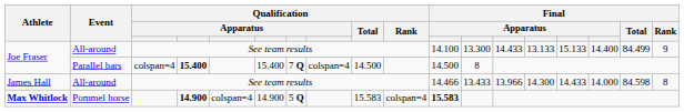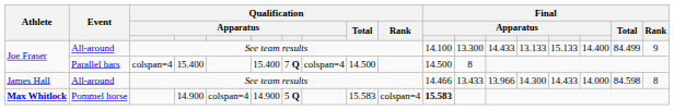 <table class=wikitable style=font-size:90%;text-align:center>
 <tr>
 <th rowspan=3>Athlete</th>
 <th rowspan=3>Event</th>
 <th colspan =8>Qualification</th>
 <th colspan =8>Final</th>
 </tr>
 <tr style=font-size:95%>
 <th colspan=6>Apparatus</th>
 <th rowspan=2>Total</th>
 <th rowspan=2>Rank</th>
 <th colspan=6>Apparatus</th>
 <th rowspan=2>Total</th>
 <th rowspan=2>Rank</th>
 </tr>
 <tr style=font-size:95%>
 <th></th>
 <th></th>
 <th></th>
 <th></th>
 <th></th>
 <th></th>
 <th></th>
 <th></th>
 <th></th>
 <th></th>
 <th></th>
 <th></th>
 </tr>
 <tr>
 <td align=left rowspan=2><a href='#'>Joe Fraser</a></td>
 <td align=left><a href='#'>All-around</a></td>
 <td colspan=8><em>See team results</em></td>
 <td>14.100</td>
 <td>13.300</td>
 <td>14.433</td>
 <td>13.133</td>
 <td>15.133</td>
 <td>14.400</td>
 <td>84.499</td>
 <td>9</td>
 </tr>
 <tr>
 <td align=left><a href='#'>Parallel bars</a></td>
 <td>colspan=4 </td>
-<td><strong>15.400</strong></td>
+<td>15.400</td>
 <td></td>
 <td>15.400</td>
 <td>7 <strong>Q</strong></td>
 <td>colspan=4 </td>
 <td>14.500</td>
 <td></td>
 <td>14.500</td>
 <td>8</td>
 </tr>
 <tr>
 <td align=left><a href='#'>James Hall</a></td>
 <td align=left><a href='#'>All-around</a></td>
 <td colspan=8><em>See team results</em></td>
 <td>14.466</td>
 <td>13.433</td>
 <td>13.966</td>
 <td>14.300</td>
 <td>14.433</td>
 <td>14.000</td>
 <td>84.598</td>
 <td>8</td>
 </tr>
 <tr>
 <td align=left><strong><a href='#'>Max Whitlock</a></strong></td>
 <td align=left><a href='#'>Pommel horse</a></td>
 <td></td>
-<td><strong>14.900</strong></td>
+<td>14.900</td>
 <td>colspan=4 </td>
 <td>14.900</td>
 <td>5 <strong>Q</strong></td>
 <td></td>
 <td>15.583</td>
 <td>colspan=4 </td>
 <td><strong>15.583</strong></td>
 <td></td>
 </tr>
 </table>
